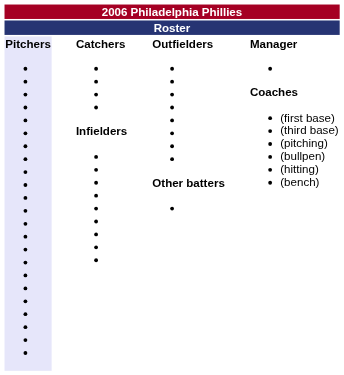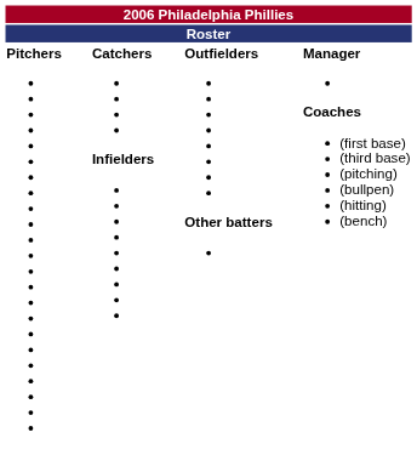 <table class="toccolours" style="font-size: 95%;">
 <tr>
 <th colspan="10" style="background-color: #A50024; color: #FFFFFF; text-align: center;">2006 Philadelphia Phillies</th>
 </tr>
 <tr>
 <td colspan="10" style="background-color: #263473; color: white; text-align: center;"><strong>Roster</strong></td>
 </tr>
 <tr>
-<td valign="top" style="background: lavender;"><strong>Pitchers</strong><br><ul><li></li><li></li><li></li><li></li><li></li><li></li><li></li><li></li><li></li><li></li><li></li><li></li><li></li><li></li><li></li><li></li><li></li><li></li><li></li><li></li><li></li><li></li><li></li></ul></td>
+<td valign="top"><strong>Pitchers</strong><br><ul><li></li><li></li><li></li><li></li><li></li><li></li><li></li><li></li><li></li><li></li><li></li><li></li><li></li><li></li><li></li><li></li><li></li><li></li><li></li><li></li><li></li><li></li><li></li></ul></td>
 <td width="25px"></td>
 <td valign="top"><strong>Catchers</strong><br><ul><li></li><li></li><li></li><li></li></ul><strong>Infielders</strong><ul><li></li><li></li><li></li><li></li><li></li><li></li><li></li><li></li><li></li></ul></td>
 <td width="25px"></td>
 <td valign="top"><strong>Outfielders</strong><br><ul><li></li><li></li><li></li><li></li><li></li><li></li><li></li><li></li></ul><strong>Other batters</strong><ul><li></li></ul></td>
 <td width="25px"></td>
 <td valign="top"><strong>Manager</strong><br><ul><li></li></ul><strong>Coaches</strong><ul><li> (first base)</li><li> (third base)</li><li> (pitching)</li><li> (bullpen)</li><li> (hitting)</li><li> (bench)</li></ul></td>
 </tr>
 <tr>
 </tr>
 </table>
